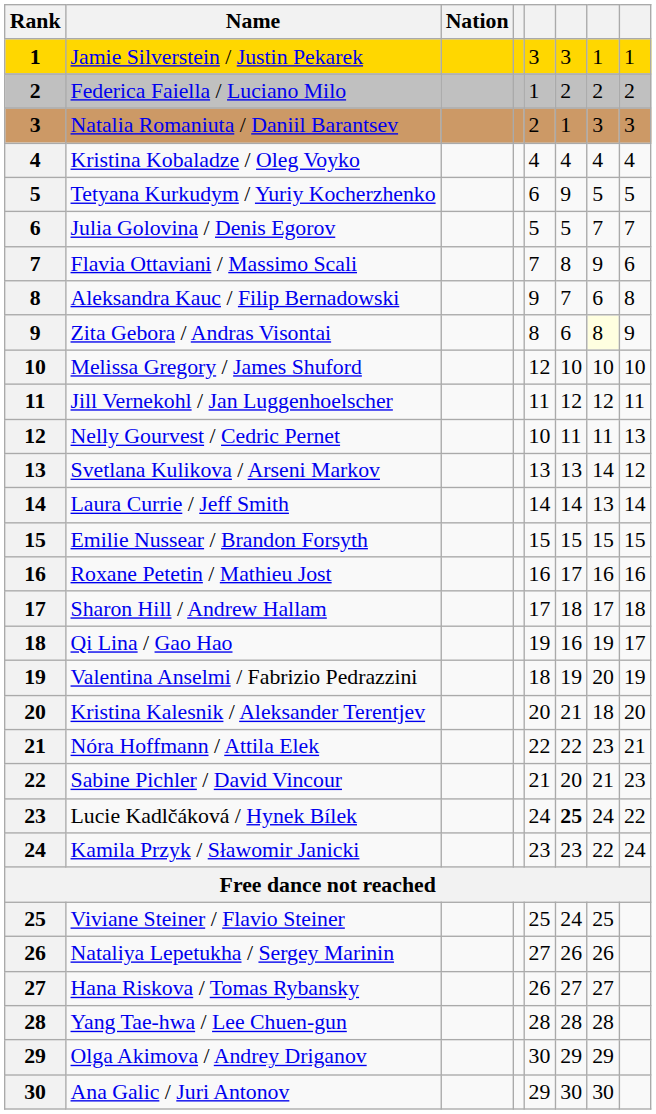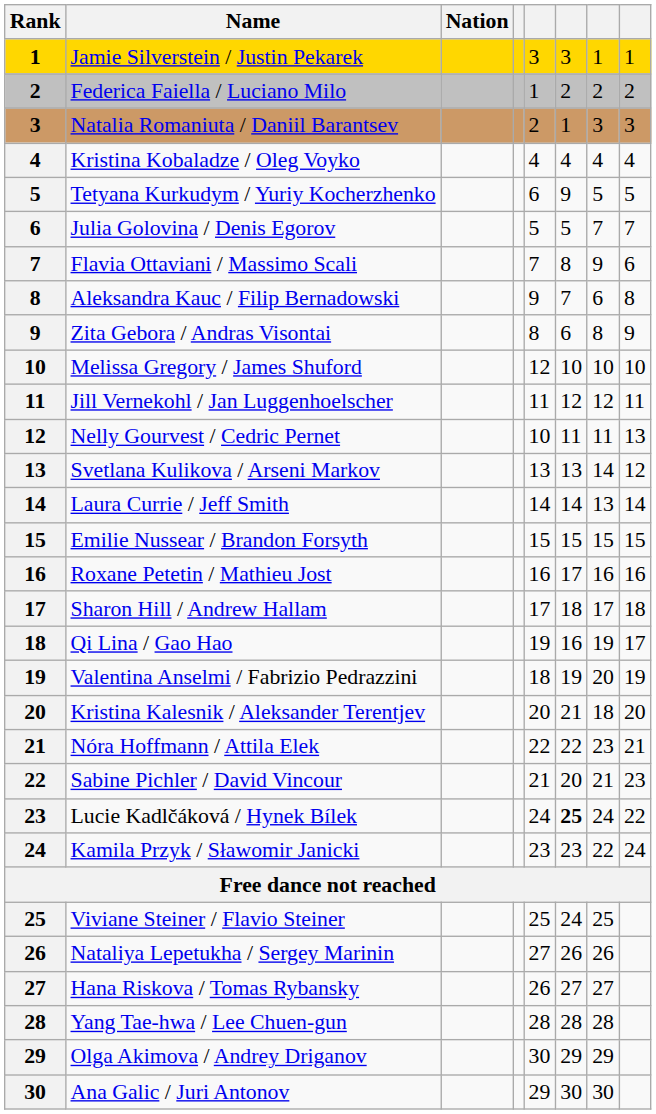 <table class="wikitable sortable">
 <tr>
 <th>Rank</th>
 <th>Name</th>
 <th>Nation</th>
 <th></th>
 <th></th>
 <th></th>
 <th></th>
 <th></th>
 </tr>
 <tr bgcolor=gold>
 <td align=center><strong>1</strong></td>
 <td><a href='#'>Jamie Silverstein</a> / <a href='#'>Justin Pekarek</a></td>
 <td></td>
 <td></td>
 <td>3</td>
 <td>3</td>
 <td>1</td>
 <td>1</td>
 </tr>
 <tr bgcolor=silver>
 <td align=center><strong>2</strong></td>
 <td><a href='#'>Federica Faiella</a> / <a href='#'>Luciano Milo</a></td>
 <td></td>
 <td></td>
 <td>1</td>
 <td>2</td>
 <td>2</td>
 <td>2</td>
 </tr>
 <tr bgcolor=cc9966>
 <td align=center><strong>3</strong></td>
 <td><a href='#'>Natalia Romaniuta</a> / <a href='#'>Daniil Barantsev</a></td>
 <td></td>
 <td></td>
 <td>2</td>
 <td>1</td>
 <td>3</td>
 <td>3</td>
 </tr>
 <tr>
 <th>4</th>
 <td><a href='#'>Kristina Kobaladze</a> / <a href='#'>Oleg Voyko</a></td>
 <td></td>
 <td></td>
 <td>4</td>
 <td>4</td>
 <td>4</td>
 <td>4</td>
 </tr>
 <tr>
 <th>5</th>
 <td><a href='#'>Tetyana Kurkudym</a> / <a href='#'>Yuriy Kocherzhenko</a></td>
 <td></td>
 <td></td>
 <td>6</td>
 <td>9</td>
 <td>5</td>
 <td>5</td>
 </tr>
 <tr>
 <th>6</th>
 <td><a href='#'>Julia Golovina</a> / <a href='#'>Denis Egorov</a></td>
 <td></td>
 <td></td>
 <td>5</td>
 <td>5</td>
 <td>7</td>
 <td>7</td>
 </tr>
 <tr>
 <th>7</th>
 <td><a href='#'>Flavia Ottaviani</a> / <a href='#'>Massimo Scali</a></td>
 <td></td>
 <td></td>
 <td>7</td>
 <td>8</td>
 <td>9</td>
 <td>6</td>
 </tr>
 <tr>
 <th>8</th>
 <td><a href='#'>Aleksandra Kauc</a> / <a href='#'>Filip Bernadowski</a></td>
 <td></td>
 <td></td>
 <td>9</td>
 <td>7</td>
 <td>6</td>
 <td>8</td>
 </tr>
 <tr>
 <th>9</th>
 <td><a href='#'>Zita Gebora</a> / <a href='#'>Andras Visontai</a></td>
 <td></td>
 <td></td>
 <td>8</td>
 <td>6</td>
-<td style="background: lightyellow;">8</td>
+<td>8</td>
 <td>9</td>
 </tr>
 <tr>
 <th>10</th>
 <td><a href='#'>Melissa Gregory</a> / <a href='#'>James Shuford</a></td>
 <td></td>
 <td></td>
 <td>12</td>
 <td>10</td>
 <td>10</td>
 <td>10</td>
 </tr>
 <tr>
 <th>11</th>
 <td><a href='#'>Jill Vernekohl</a> / <a href='#'>Jan Luggenhoelscher</a></td>
 <td></td>
 <td></td>
 <td>11</td>
 <td>12</td>
 <td>12</td>
 <td>11</td>
 </tr>
 <tr>
 <th>12</th>
 <td><a href='#'>Nelly Gourvest</a> / <a href='#'>Cedric Pernet</a></td>
 <td></td>
 <td></td>
 <td>10</td>
 <td>11</td>
 <td>11</td>
 <td>13</td>
 </tr>
 <tr>
 <th>13</th>
 <td><a href='#'>Svetlana Kulikova</a> / <a href='#'>Arseni Markov</a></td>
 <td></td>
 <td></td>
 <td>13</td>
 <td>13</td>
 <td>14</td>
 <td>12</td>
 </tr>
 <tr>
 <th>14</th>
 <td><a href='#'>Laura Currie</a> / <a href='#'>Jeff Smith</a></td>
 <td></td>
 <td></td>
 <td>14</td>
 <td>14</td>
 <td>13</td>
 <td>14</td>
 </tr>
 <tr>
 <th>15</th>
 <td><a href='#'>Emilie Nussear</a> / <a href='#'>Brandon Forsyth</a></td>
 <td></td>
 <td></td>
 <td>15</td>
 <td>15</td>
 <td>15</td>
 <td>15</td>
 </tr>
 <tr>
 <th>16</th>
 <td><a href='#'>Roxane Petetin</a> / <a href='#'>Mathieu Jost</a></td>
 <td></td>
 <td></td>
 <td>16</td>
 <td>17</td>
 <td>16</td>
 <td>16</td>
 </tr>
 <tr>
 <th>17</th>
 <td><a href='#'>Sharon Hill</a> / <a href='#'>Andrew Hallam</a></td>
 <td></td>
 <td></td>
 <td>17</td>
 <td>18</td>
 <td>17</td>
 <td>18</td>
 </tr>
 <tr>
 <th>18</th>
 <td><a href='#'>Qi Lina</a> / <a href='#'>Gao Hao</a></td>
 <td></td>
 <td></td>
 <td>19</td>
 <td>16</td>
 <td>19</td>
 <td>17</td>
 </tr>
 <tr>
 <th>19</th>
 <td><a href='#'>Valentina Anselmi</a> / Fabrizio Pedrazzini</td>
 <td></td>
 <td></td>
 <td>18</td>
 <td>19</td>
 <td>20</td>
 <td>19</td>
 </tr>
 <tr>
 <th>20</th>
 <td><a href='#'>Kristina Kalesnik</a> / <a href='#'>Aleksander Terentjev</a></td>
 <td></td>
 <td></td>
 <td>20</td>
 <td>21</td>
 <td>18</td>
 <td>20</td>
 </tr>
 <tr>
 <th>21</th>
 <td><a href='#'>Nóra Hoffmann</a> / <a href='#'>Attila Elek</a></td>
 <td></td>
 <td></td>
 <td>22</td>
 <td>22</td>
 <td>23</td>
 <td>21</td>
 </tr>
 <tr>
 <th>22</th>
 <td><a href='#'>Sabine Pichler</a> / <a href='#'>David Vincour</a></td>
 <td></td>
 <td></td>
 <td>21</td>
 <td>20</td>
 <td>21</td>
 <td>23</td>
 </tr>
 <tr>
 <th>23</th>
 <td>Lucie Kadlčáková / <a href='#'>Hynek Bílek</a></td>
 <td></td>
 <td></td>
 <td>24</td>
 <td><strong>25</strong></td>
 <td>24</td>
 <td>22</td>
 </tr>
 <tr>
 <th>24</th>
 <td><a href='#'>Kamila Przyk</a> / <a href='#'>Sławomir Janicki</a></td>
 <td></td>
 <td></td>
 <td>23</td>
 <td>23</td>
 <td>22</td>
 <td>24</td>
 </tr>
 <tr>
 <th colspan=8>Free dance not reached</th>
 </tr>
 <tr>
 <th>25</th>
 <td><a href='#'>Viviane Steiner</a> / <a href='#'>Flavio Steiner</a></td>
 <td></td>
 <td></td>
 <td>25</td>
 <td>24</td>
 <td>25</td>
 <td></td>
 </tr>
 <tr>
 <th>26</th>
 <td><a href='#'>Nataliya Lepetukha</a> / <a href='#'>Sergey Marinin</a></td>
 <td></td>
 <td></td>
 <td>27</td>
 <td>26</td>
 <td>26</td>
 <td></td>
 </tr>
 <tr>
 <th>27</th>
 <td><a href='#'>Hana Riskova</a> / <a href='#'>Tomas Rybansky</a></td>
 <td></td>
 <td></td>
 <td>26</td>
 <td>27</td>
 <td>27</td>
 <td></td>
 </tr>
 <tr>
 <th>28</th>
 <td><a href='#'>Yang Tae-hwa</a> / <a href='#'>Lee Chuen-gun</a></td>
 <td></td>
 <td></td>
 <td>28</td>
 <td>28</td>
 <td>28</td>
 <td></td>
 </tr>
 <tr>
 <th>29</th>
 <td><a href='#'>Olga Akimova</a> / <a href='#'>Andrey Driganov</a></td>
 <td></td>
 <td></td>
 <td>30</td>
 <td>29</td>
 <td>29</td>
 <td></td>
 </tr>
 <tr>
 <th>30</th>
 <td><a href='#'>Ana Galic</a> / <a href='#'>Juri Antonov</a></td>
 <td></td>
 <td></td>
 <td>29</td>
 <td>30</td>
 <td>30</td>
 <td></td>
 </tr>
 </table>
